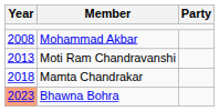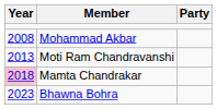 <table class="wikitable">
 <tr>
 <th>Year</th>
 <th>Member</th>
 <th colspan="2">Party</th>
 </tr>
 <tr>
 <td colspan="4"></td>
 </tr>
 <tr>
 <td><a href='#'>2008</a></td>
 <td><a href='#'>Mohammad Akbar</a></td>
 <td></td>
 </tr>
 <tr>
 <td><a href='#'>2013</a></td>
 <td>Moti Ram Chandravanshi</td>
 <td></td>
 </tr>
 <tr>
-<td><a href='#'>2018</a></td>
+<td style="background: pink;"><a href='#'>2018</a></td>
 <td>Mamta Chandrakar</td>
 <td></td>
 </tr>
 <tr>
-<td style="background: lightsalmon;"><a href='#'>2023</a></td>
+<td><a href='#'>2023</a></td>
 <td><a href='#'>Bhawna Bohra</a></td>
 <td></td>
 </tr>
 </table>
